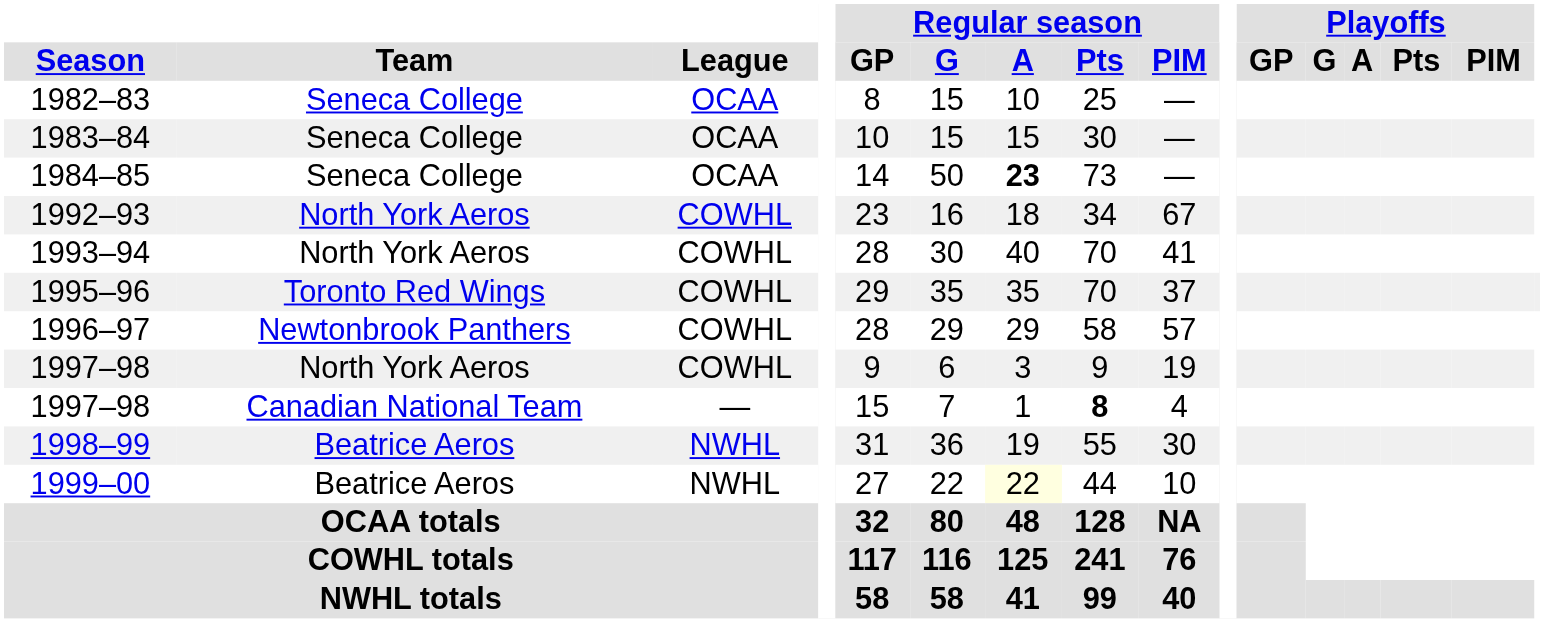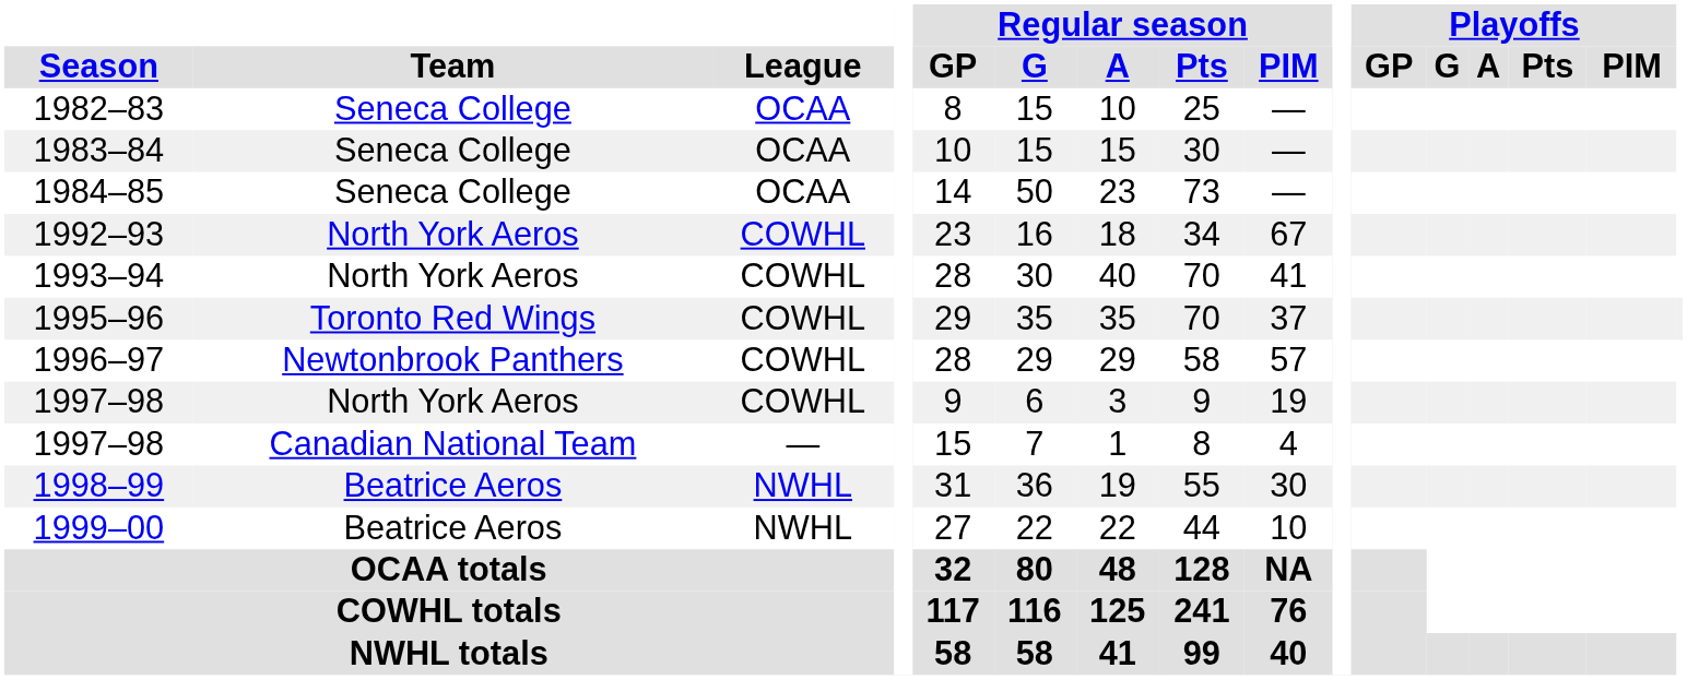 <table border="0" cellpadding="1" cellspacing="0" style="text-align:center; width:50em">
 <tr style="background:#e0e0e0;">
 <th colspan="3" style="background:#fff;"> </th>
 <th rowspan="99" style="background:#fff;"> </th>
 <th colspan="5"><a href='#'>Regular season</a></th>
 <th rowspan="99" style="background:#fff;"> </th>
 <th colspan="5"><a href='#'>Playoffs</a></th>
 </tr>
 <tr style="background:#e0e0e0;">
 <th><a href='#'>Season</a></th>
 <th>Team</th>
 <th>League</th>
 <th>GP</th>
 <th><a href='#'>G</a></th>
 <th><a href='#'>A</a></th>
 <th><a href='#'>Pts</a></th>
 <th><a href='#'>PIM</a></th>
 <th>GP</th>
 <th>G</th>
 <th>A</th>
 <th>Pts</th>
 <th>PIM</th>
 </tr>
 <tr>
 <td>1982–83</td>
 <td><a href='#'>Seneca College</a></td>
 <td><a href='#'>OCAA</a></td>
 <td>8</td>
 <td>15</td>
 <td>10</td>
 <td>25</td>
 <td>—</td>
 <td></td>
 <td></td>
 <td></td>
 <td></td>
 <td></td>
 </tr>
 <tr bgcolor="#f0f0f0">
 <td>1983–84</td>
 <td>Seneca College</td>
 <td>OCAA</td>
 <td>10</td>
 <td>15</td>
 <td>15</td>
 <td>30</td>
 <td>—</td>
 <td></td>
 <td></td>
 <td></td>
 <td></td>
 <td></td>
 </tr>
 <tr>
 <td>1984–85</td>
 <td>Seneca College</td>
 <td>OCAA</td>
 <td>14</td>
 <td>50</td>
-<td><strong>23</strong></td>
+<td>23</td>
 <td>73</td>
 <td>—</td>
 <td></td>
 <td></td>
 <td></td>
 <td></td>
 <td></td>
 </tr>
 <tr bgcolor="#f0f0f0">
 <td>1992–93</td>
 <td><a href='#'>North York Aeros</a></td>
 <td><a href='#'>COWHL</a></td>
 <td>23</td>
 <td>16</td>
 <td>18</td>
 <td>34</td>
 <td>67</td>
 <td></td>
 <td></td>
 <td></td>
 <td></td>
 <td></td>
 </tr>
 <tr>
 <td>1993–94</td>
 <td>North York Aeros</td>
 <td>COWHL</td>
 <td>28</td>
 <td>30</td>
 <td>40</td>
 <td>70</td>
 <td>41</td>
 <td></td>
 <td></td>
 <td></td>
 <td></td>
 <td></td>
 </tr>
 <tr bgcolor="#f0f0f0">
 <td>1995–96</td>
 <td><a href='#'>Toronto Red Wings</a></td>
 <td>COWHL</td>
 <td>29</td>
 <td>35</td>
 <td>35</td>
 <td>70</td>
 <td>37</td>
 <td></td>
 <td></td>
 <td></td>
 <td></td>
 <td></td>
 <td></td>
 </tr>
 <tr>
 <td>1996–97</td>
 <td><a href='#'>Newtonbrook Panthers</a></td>
 <td>COWHL</td>
 <td>28</td>
 <td>29</td>
 <td>29</td>
 <td>58</td>
 <td>57</td>
 <td></td>
 <td></td>
 <td></td>
 <td></td>
 <td></td>
 </tr>
 <tr bgcolor="#f0f0f0">
 <td>1997–98</td>
 <td>North York Aeros</td>
 <td>COWHL</td>
 <td>9</td>
 <td>6</td>
 <td>3</td>
 <td>9</td>
 <td>19</td>
 <td></td>
 <td></td>
 <td></td>
 <td></td>
 <td></td>
 </tr>
 <tr>
 <td>1997–98</td>
 <td><a href='#'>Canadian National Team</a></td>
 <td>—</td>
 <td>15</td>
 <td>7</td>
 <td>1</td>
-<td><strong>8</strong></td>
+<td>8</td>
 <td>4</td>
 <td></td>
 <td></td>
 <td></td>
 <td></td>
 <td></td>
 </tr>
 <tr bgcolor="#f0f0f0">
 <td><a href='#'>1998–99</a></td>
 <td><a href='#'>Beatrice Aeros</a></td>
 <td><a href='#'>NWHL</a></td>
 <td>31</td>
 <td>36</td>
 <td>19</td>
 <td>55</td>
 <td>30</td>
 <td></td>
 <td></td>
 <td></td>
 <td></td>
 <td></td>
 </tr>
 <tr>
 <td><a href='#'>1999–00</a></td>
 <td>Beatrice Aeros</td>
 <td>NWHL</td>
 <td>27</td>
 <td>22</td>
-<td style="background: lightyellow;">22</td>
+<td>22</td>
 <td>44</td>
 <td>10</td>
 <td></td>
 <td></td>
 <td></td>
 <td></td>
 </tr>
 <tr bgcolor="#e0e0e0">
 <th colspan="3">OCAA totals</th>
 <th>32</th>
 <th>80</th>
 <th>48</th>
 <th>128</th>
 <th>NA</th>
 <td></td>
 </tr>
 <tr bgcolor="#e0e0e0">
 <th colspan="3">COWHL totals</th>
 <th>117</th>
 <th>116</th>
 <th>125</th>
 <th>241</th>
 <th>76</th>
 <td></td>
 </tr>
 <tr bgcolor="#e0e0e0">
 <th colspan="3">NWHL totals</th>
 <th>58</th>
 <th>58</th>
 <th>41</th>
 <th>99</th>
 <th>40</th>
 <th></th>
 <th></th>
 <th></th>
 <th></th>
 <th></th>
 </tr>
 </table>
